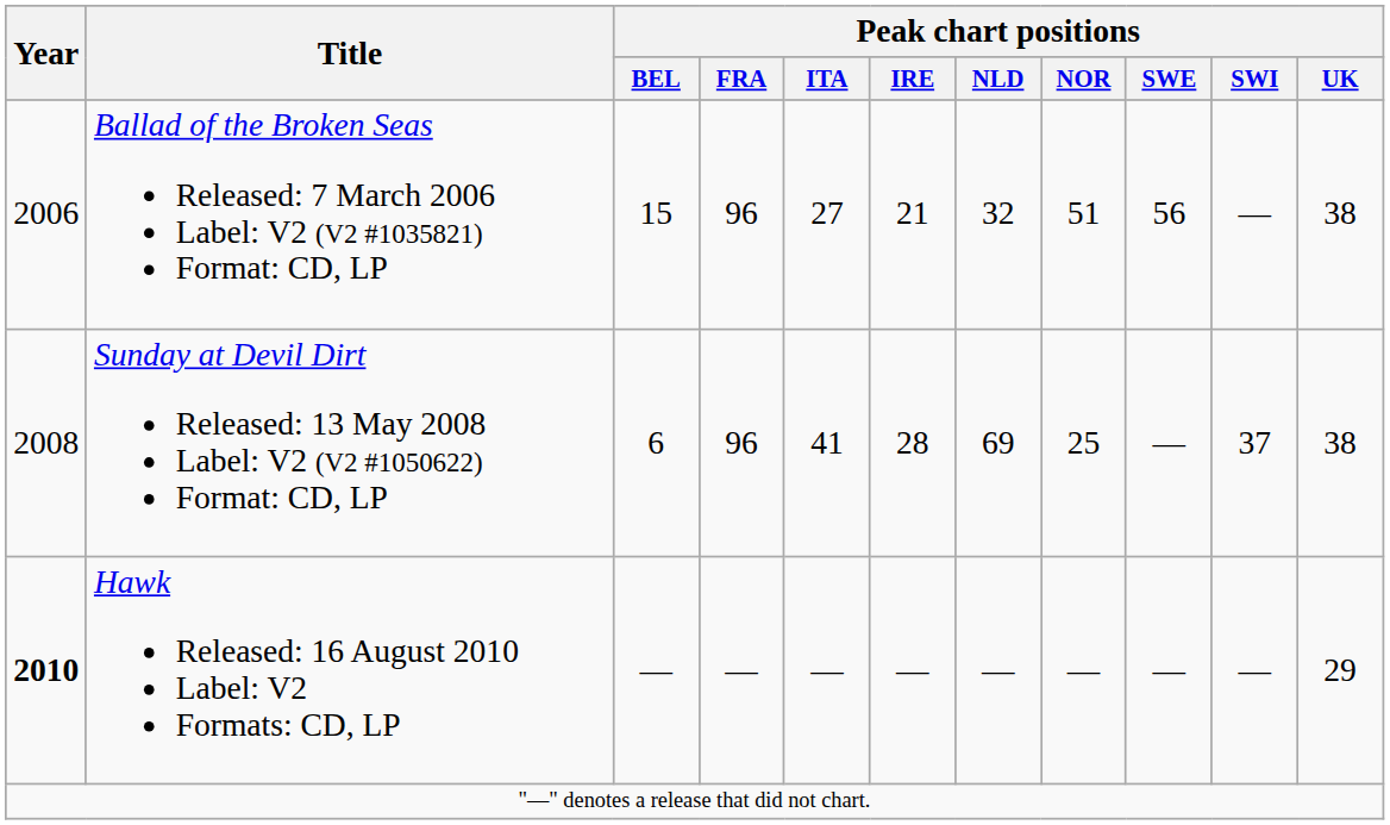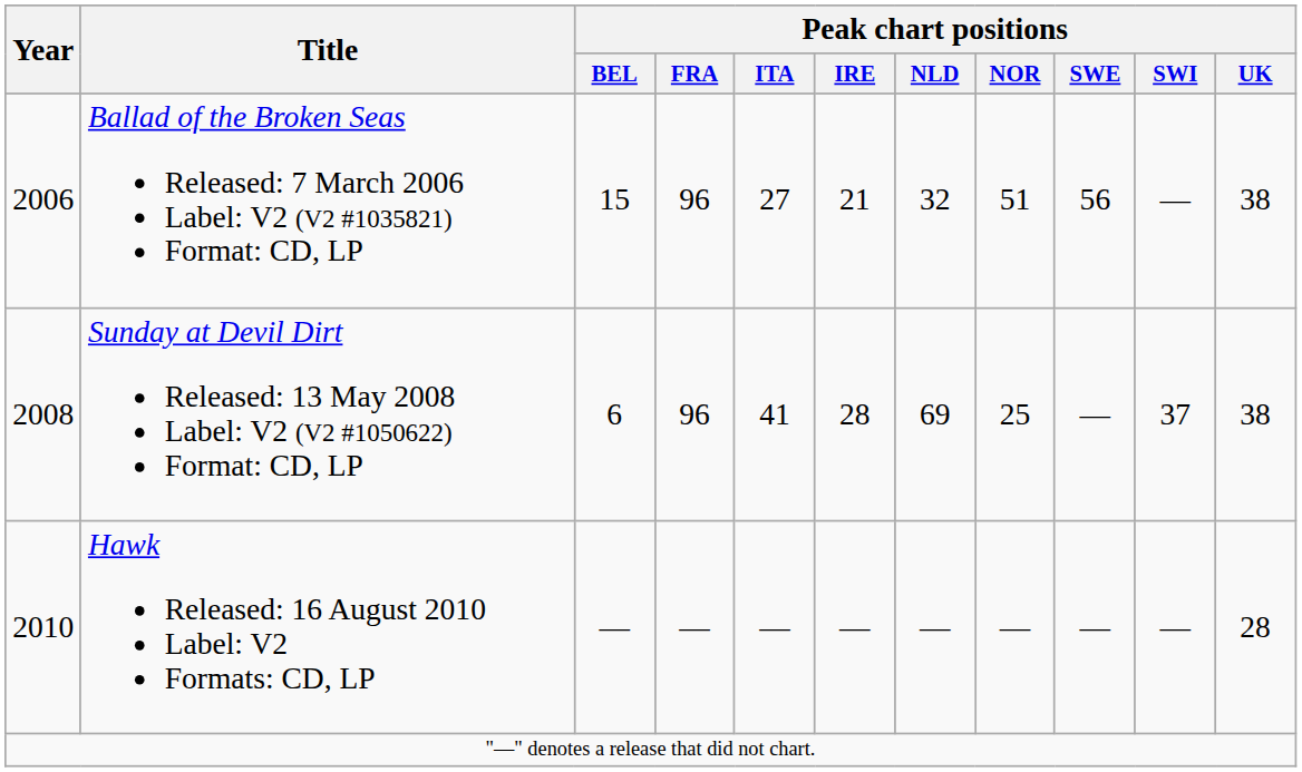 <table class="wikitable">
 <tr>
 <th rowspan="2">Year</th>
 <th rowspan="2" style="width:250px;">Title</th>
 <th colspan="9">Peak chart positions</th>
 </tr>
 <tr>
 <th style="width:3em;font-size:75%"><a href='#'>BEL</a><br></th>
 <th style="width:3em;font-size:75%"><a href='#'>FRA</a><br></th>
 <th style="width:3em;font-size:75%"><a href='#'>ITA</a><br></th>
 <th style="width:3em;font-size:75%"><a href='#'>IRE</a><br></th>
 <th style="width:3em;font-size:75%"><a href='#'>NLD</a><br></th>
 <th style="width:3em;font-size:75%"><a href='#'>NOR</a><br></th>
 <th style="width:3em;font-size:75%"><a href='#'>SWE</a><br></th>
 <th style="width:3em;font-size:75%"><a href='#'>SWI</a><br></th>
 <th style="width:3em;font-size:75%"><a href='#'>UK</a><br></th>
 </tr>
 <tr>
 <td>2006</td>
 <td><em><a href='#'>Ballad of the Broken Seas</a></em><br><ul><li>Released: 7 March 2006</li><li>Label: V2 <small>(V2 #1035821)</small></li><li>Format: CD, LP</li></ul></td>
 <td style="text-align:center;">15</td>
 <td style="text-align:center;">96</td>
 <td style="text-align:center;">27</td>
 <td style="text-align:center;">21</td>
 <td style="text-align:center;">32</td>
 <td style="text-align:center;">51</td>
 <td style="text-align:center;">56</td>
 <td style="text-align:center;">—</td>
 <td style="text-align:center;">38</td>
 </tr>
 <tr>
 <td>2008</td>
 <td><em><a href='#'>Sunday at Devil Dirt</a></em><br><ul><li>Released: 13 May 2008</li><li>Label: V2 <small>(V2 #1050622)</small></li><li>Format: CD, LP</li></ul></td>
 <td style="text-align:center;">6</td>
 <td style="text-align:center;">96</td>
 <td style="text-align:center;">41</td>
 <td style="text-align:center;">28</td>
 <td style="text-align:center;">69</td>
 <td style="text-align:center;">25</td>
 <td style="text-align:center;">—</td>
 <td style="text-align:center;">37</td>
 <td style="text-align:center;">38</td>
 </tr>
 <tr>
-<td><strong>2010</strong></td>
+<td>2010</td>
 <td><em><a href='#'>Hawk</a></em><br><ul><li>Released: 16 August 2010</li><li>Label: V2</li><li>Formats: CD, LP</li></ul></td>
 <td style="text-align:center;">—</td>
 <td style="text-align:center;">—</td>
 <td style="text-align:center;">—</td>
 <td style="text-align:center;">—</td>
 <td style="text-align:center;">—</td>
 <td style="text-align:center;">—</td>
 <td style="text-align:center;">—</td>
 <td style="text-align:center;">—</td>
-<td style="text-align:center;">29</td>
+<td style="text-align:center;">28</td>
 </tr>
 <tr>
 <td colspan="20" style="text-align:center; font-size:8pt;">"—" denotes a release that did not chart.</td>
 </tr>
 </table>
